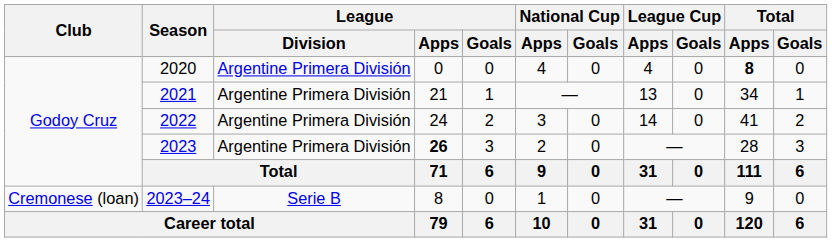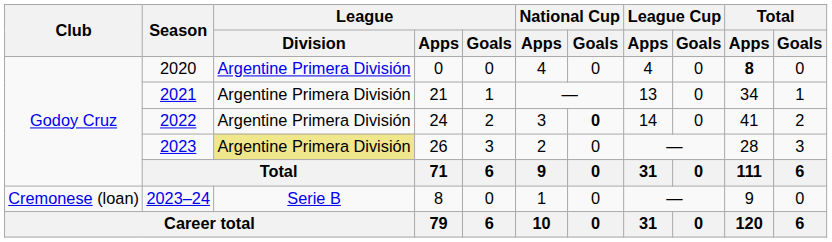 <table class="wikitable" style="text-align:center">
 <tr>
 <th rowspan="2">Club</th>
 <th rowspan="2">Season</th>
 <th colspan="3">League</th>
 <th colspan="2">National Cup</th>
 <th colspan="2">League Cup</th>
 <th colspan="2">Total</th>
 </tr>
 <tr>
 <th>Division</th>
 <th>Apps</th>
 <th>Goals</th>
 <th>Apps</th>
 <th>Goals</th>
 <th>Apps</th>
 <th>Goals</th>
 <th>Apps</th>
 <th>Goals</th>
 </tr>
 <tr>
 <td rowspan="5"><a href='#'>Godoy Cruz</a></td>
 <td>2020</td>
 <td rowspan="1"><a href='#'>Argentine Primera División</a></td>
 <td>0</td>
 <td>0</td>
 <td>4</td>
 <td>0</td>
 <td>4</td>
 <td>0</td>
 <td><strong>8</strong></td>
 <td>0</td>
 </tr>
 <tr>
 <td><a href='#'>2021</a></td>
 <td>Argentine Primera División</td>
 <td>21</td>
 <td>1</td>
 <td colspan="2">—</td>
 <td>13</td>
 <td>0</td>
 <td>34</td>
 <td>1</td>
 </tr>
 <tr>
 <td><a href='#'>2022</a></td>
 <td>Argentine Primera División</td>
 <td>24</td>
 <td>2</td>
 <td>3</td>
-<td>0</td>
+<td><strong>0</strong></td>
 <td>14</td>
 <td>0</td>
 <td>41</td>
 <td>2</td>
 </tr>
 <tr>
 <td><a href='#'>2023</a></td>
-<td>Argentine Primera División</td>
-<td><strong>26</strong></td>
+<td style="background: khaki;">Argentine Primera División</td>
+<td>26</td>
 <td>3</td>
 <td>2</td>
 <td>0</td>
 <td colspan="2">—</td>
 <td>28</td>
 <td>3</td>
 </tr>
 <tr>
 <th colspan="2">Total</th>
 <th>71</th>
 <th>6</th>
 <th>9</th>
 <th>0</th>
 <th>31</th>
 <th>0</th>
 <th>111</th>
 <th>6</th>
 </tr>
 <tr>
 <td><a href='#'>Cremonese</a> (loan)</td>
 <td><a href='#'>2023–24</a></td>
 <td><a href='#'>Serie B</a></td>
 <td>8</td>
 <td>0</td>
 <td>1</td>
 <td>0</td>
 <td colspan="2">—</td>
 <td>9</td>
 <td>0</td>
 </tr>
 <tr>
 <th colspan="3">Career total</th>
 <th>79</th>
 <th>6</th>
 <th>10</th>
 <th>0</th>
 <th>31</th>
 <th>0</th>
 <th>120</th>
 <th>6</th>
 </tr>
 </table>
